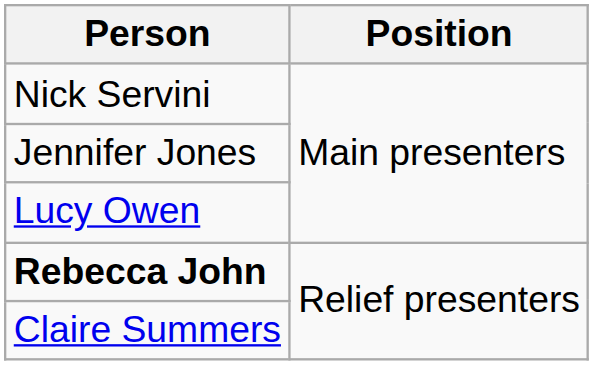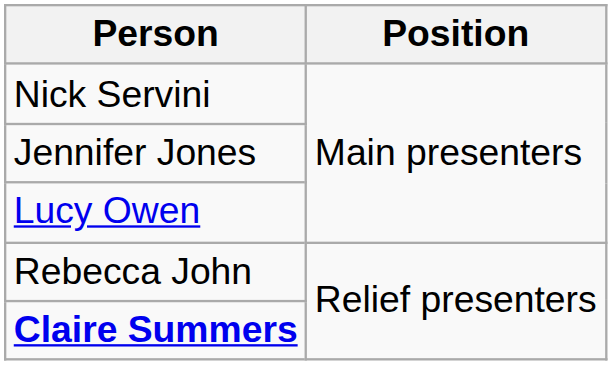 <table class="wikitable">
 <tr>
 <th>Person</th>
 <th>Position</th>
 </tr>
 <tr>
 <td>Nick Servini</td>
 <td rowspan="3">Main presenters</td>
 </tr>
 <tr>
 <td>Jennifer Jones</td>
 </tr>
 <tr>
 <td><a href='#'>Lucy Owen</a></td>
 </tr>
 <tr>
-<td><strong>Rebecca John</strong></td>
+<td>Rebecca John</td>
 <td rowspan="2">Relief presenters</td>
 </tr>
 <tr>
-<td><a href='#'>Claire Summers</a></td>
+<td><strong><a href='#'>Claire Summers</a></strong></td>
 </tr>
 </table>
